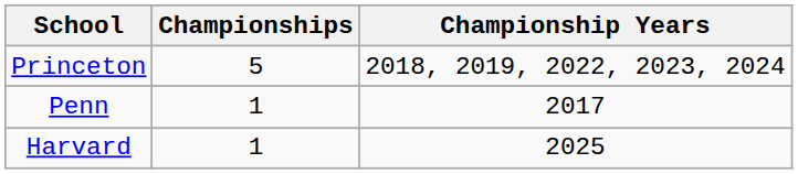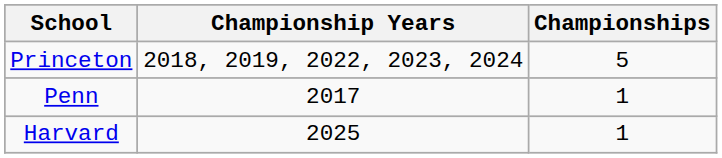 <table class="wikitable sortable" style="text-align:center">
 <tr>
 <th width=px>School</th>
+<th width=px>Championship Years</th>
 <th width=px>Championships</th>
-<th width=px>Championship Years</th>
 </tr>
 <tr>
 <td><a href='#'>Princeton</a></td>
+<td>2018, 2019, 2022, 2023, 2024</td>
 <td>5</td>
-<td>2018, 2019, 2022, 2023, 2024</td>
 </tr>
 <tr>
 <td><a href='#'>Penn</a></td>
+<td>2017</td>
 <td>1</td>
-<td>2017</td>
 </tr>
 <tr>
 <td><a href='#'>Harvard</a></td>
+<td>2025</td>
 <td>1</td>
-<td>2025</td>
 </tr>
 </table>
